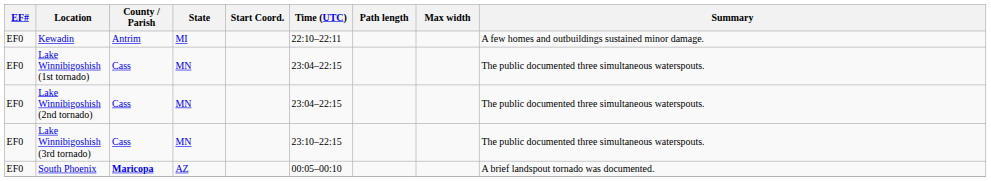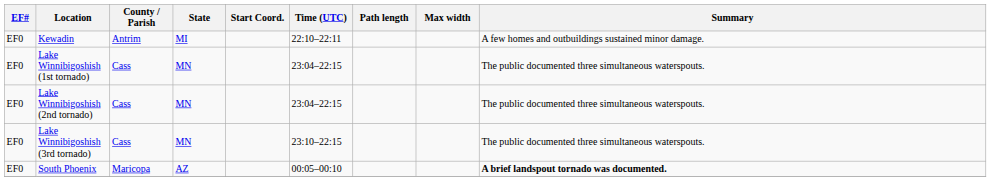 <table class="wikitable sortable" style="width:100%;">
 <tr>
 <th scope="col"  style="width:3%; text-align:center;"><a href='#'>EF#</a></th>
 <th scope="col"  style="width:7%; text-align:center;" class="unsortable">Location</th>
 <th scope="col"  style="width:6%; text-align:center;" class="unsortable">County / Parish</th>
 <th scope="col"  style="width:5%; text-align:center;">State</th>
 <th scope="col"  style="width:6%; text-align:center;">Start Coord.</th>
 <th scope="col"  style="width:6%; text-align:center;">Time (<a href='#'>UTC</a>)</th>
 <th scope="col"  style="width:6%; text-align:center;">Path length</th>
 <th scope="col"  style="width:6%; text-align:center;">Max width</th>
 <th scope="col" class="unsortable" style="width:48%; text-align:center;">Summary</th>
 </tr>
 <tr>
 <td>EF0</td>
 <td><a href='#'>Kewadin</a></td>
 <td><a href='#'>Antrim</a></td>
 <td><a href='#'>MI</a></td>
 <td></td>
 <td>22:10–22:11</td>
 <td></td>
 <td></td>
 <td>A few homes and outbuildings sustained minor damage.</td>
 </tr>
 <tr>
 <td>EF0</td>
 <td><a href='#'>Lake Winnibigoshish</a> (1st tornado)</td>
 <td><a href='#'>Cass</a></td>
 <td><a href='#'>MN</a></td>
 <td></td>
 <td>23:04–22:15</td>
 <td></td>
 <td></td>
 <td>The public documented three simultaneous waterspouts.</td>
 </tr>
 <tr>
 <td>EF0</td>
 <td><a href='#'>Lake Winnibigoshish</a> (2nd tornado)</td>
 <td><a href='#'>Cass</a></td>
 <td><a href='#'>MN</a></td>
 <td></td>
 <td>23:04–22:15</td>
 <td></td>
 <td></td>
 <td>The public documented three simultaneous waterspouts.</td>
 </tr>
 <tr>
 <td>EF0</td>
 <td><a href='#'>Lake Winnibigoshish</a> (3rd tornado)</td>
 <td><a href='#'>Cass</a></td>
 <td><a href='#'>MN</a></td>
 <td></td>
 <td>23:10–22:15</td>
 <td></td>
 <td></td>
 <td>The public documented three simultaneous waterspouts.</td>
 </tr>
 <tr>
 <td>EF0</td>
 <td><a href='#'>South Phoenix</a></td>
-<td><strong><a href='#'>Maricopa</a></strong></td>
+<td><a href='#'>Maricopa</a></td>
 <td><a href='#'>AZ</a></td>
 <td></td>
 <td>00:05–00:10</td>
 <td></td>
 <td></td>
-<td>A brief landspout tornado was documented.</td>
+<td><strong>A brief landspout tornado was documented.</strong></td>
 </tr>
 <tr>
 </tr>
 </table>
